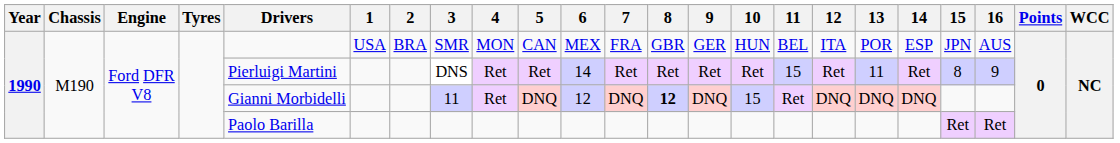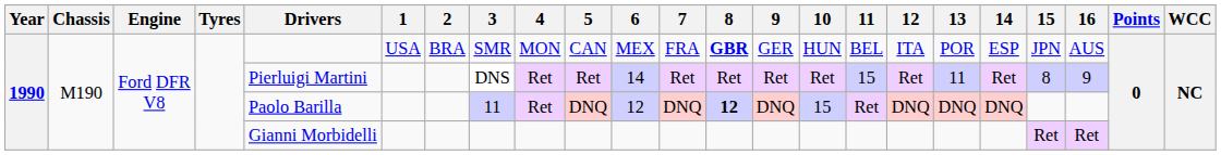 <table class="wikitable" style="text-align:center; font-size:95%">
 <tr>
 <th>Year</th>
 <th>Chassis</th>
 <th>Engine</th>
 <th>Tyres</th>
 <th>Drivers</th>
 <th>1</th>
 <th>2</th>
 <th>3</th>
 <th>4</th>
 <th>5</th>
 <th>6</th>
 <th>7</th>
 <th>8</th>
 <th>9</th>
 <th>10</th>
 <th>11</th>
 <th>12</th>
 <th>13</th>
 <th>14</th>
 <th>15</th>
 <th>16</th>
 <th><a href='#'>Points</a></th>
 <th>WCC</th>
 </tr>
 <tr>
 <th rowspan="4"><a href='#'>1990</a></th>
 <td rowspan="4">M190</td>
 <td rowspan="4"><a href='#'>Ford</a> <a href='#'>DFR</a><br><a href='#'>V8</a></td>
 <td rowspan="4"></td>
 <td></td>
 <td><a href='#'>USA</a></td>
 <td><a href='#'>BRA</a></td>
 <td><a href='#'>SMR</a></td>
 <td><a href='#'>MON</a></td>
 <td><a href='#'>CAN</a></td>
 <td><a href='#'>MEX</a></td>
 <td><a href='#'>FRA</a></td>
-<td><a href='#'>GBR</a></td>
+<td><strong><a href='#'>GBR</a></strong></td>
 <td><a href='#'>GER</a></td>
 <td><a href='#'>HUN</a></td>
 <td><a href='#'>BEL</a></td>
 <td><a href='#'>ITA</a></td>
 <td><a href='#'>POR</a></td>
 <td><a href='#'>ESP</a></td>
 <td><a href='#'>JPN</a></td>
 <td><a href='#'>AUS</a></td>
 <th rowspan="4">0</th>
 <th rowspan="4">NC</th>
 </tr>
 <tr>
 <td align="left"> <a href='#'>Pierluigi Martini</a></td>
 <td></td>
 <td></td>
 <td style="background:#ffffff;" align="center">DNS</td>
 <td style="background:#EFCFFF;" align="center">Ret</td>
 <td style="background:#EFCFFF;" align="center">Ret</td>
 <td style="background:#CFCFFF;" align="center">14</td>
 <td style="background:#EFCFFF;" align="center">Ret</td>
 <td style="background:#EFCFFF;" align="center">Ret</td>
 <td style="background:#EFCFFF;" align="center">Ret</td>
 <td style="background:#EFCFFF;" align="center">Ret</td>
 <td style="background:#CFCFFF;" align="center">15</td>
 <td style="background:#EFCFFF;" align="center">Ret</td>
 <td style="background:#CFCFFF;" align="center">11</td>
 <td style="background:#EFCFFF;" align="center">Ret</td>
 <td style="background:#CFCFFF;" align="center">8</td>
 <td style="background:#CFCFFF;" align="center">9</td>
 </tr>
 <tr>
-<td align="left"> <a href='#'>Gianni Morbidelli</a></td>
+<td align="left"> <a href='#'>Paolo Barilla</a></td>
 <td></td>
 <td></td>
 <td style="background:#CFCFFF;" align="center">11</td>
 <td style="background:#EFCFFF;" align="center">Ret</td>
 <td style="background:#FFCFCF;" align="center">DNQ</td>
 <td style="background:#CFCFFF;" align="center">12</td>
 <td style="background:#FFCFCF;" align="center">DNQ</td>
 <td style="background:#CFCFFF;" align="center"><strong>12</strong></td>
 <td style="background:#FFCFCF;" align="center">DNQ</td>
 <td style="background:#CFCFFF;" align="center">15</td>
 <td style="background:#EFCFFF;" align="center">Ret</td>
 <td style="background:#FFCFCF;" align="center">DNQ</td>
 <td style="background:#FFCFCF;" align="center">DNQ</td>
 <td style="background:#FFCFCF;" align="center">DNQ</td>
 <td></td>
 <td></td>
 </tr>
 <tr>
-<td align="left"> <a href='#'>Paolo Barilla</a></td>
+<td align="left"> <a href='#'>Gianni Morbidelli</a></td>
 <td></td>
 <td></td>
 <td></td>
 <td></td>
 <td></td>
 <td></td>
 <td></td>
 <td></td>
 <td></td>
 <td></td>
 <td></td>
 <td></td>
 <td></td>
 <td></td>
 <td style="background:#EFCFFF;" align="center">Ret</td>
 <td style="background:#EFCFFF;" align="center">Ret</td>
 </tr>
 </table>
